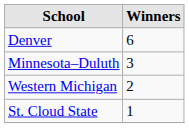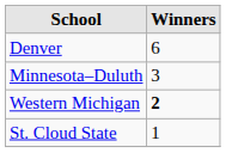 <table class="wikitable">
 <tr>
 <th style="background:#e5e5e5;">School</th>
 <th style="background:#e5e5e5;">Winners</th>
 </tr>
 <tr>
 <td><a href='#'>Denver</a></td>
 <td>6</td>
 </tr>
 <tr>
 <td><a href='#'>Minnesota–Duluth</a></td>
 <td>3</td>
 </tr>
 <tr>
 <td><a href='#'>Western Michigan</a></td>
-<td>2</td>
+<td><strong>2</strong></td>
 </tr>
 <tr>
 <td><a href='#'>St. Cloud State</a></td>
 <td>1</td>
 </tr>
 <tr>
 </tr>
 </table>
